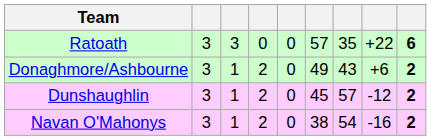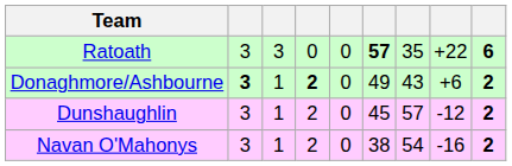 <table class="wikitable" style="text-align:center">
 <tr>
 <th style="width:175px;">Team</th>
 <th width="20"></th>
 <th width="20"></th>
 <th width="20"></th>
 <th width="20"></th>
 <th width="20"></th>
 <th width="20"></th>
 <th width="20"></th>
 <th width="20"></th>
 </tr>
 <tr style="background:#cfc;">
 <td><a href='#'>Ratoath</a></td>
 <td>3</td>
 <td>3</td>
 <td>0</td>
 <td>0</td>
-<td>57</td>
+<td><strong>57</strong></td>
 <td>35</td>
 <td>+22</td>
 <td><strong>6</strong></td>
 </tr>
 <tr style="background:#cfc;">
 <td><a href='#'>Donaghmore/Ashbourne</a></td>
-<td>3</td>
+<td><strong>3</strong></td>
 <td>1</td>
-<td>2</td>
+<td><strong>2</strong></td>
 <td>0</td>
 <td>49</td>
 <td>43</td>
 <td>+6</td>
 <td><strong>2</strong></td>
 </tr>
 <tr style="background:#fcf;">
 <td><a href='#'>Dunshaughlin</a></td>
 <td>3</td>
 <td>1</td>
 <td>2</td>
 <td>0</td>
 <td>45</td>
 <td>57</td>
 <td>-12</td>
 <td><strong>2</strong></td>
 </tr>
 <tr style="background:#fcf;">
 <td><a href='#'>Navan O'Mahonys</a></td>
 <td>3</td>
 <td>1</td>
 <td>2</td>
 <td>0</td>
 <td>38</td>
 <td>54</td>
 <td>-16</td>
 <td><strong>2</strong></td>
 </tr>
 </table>
